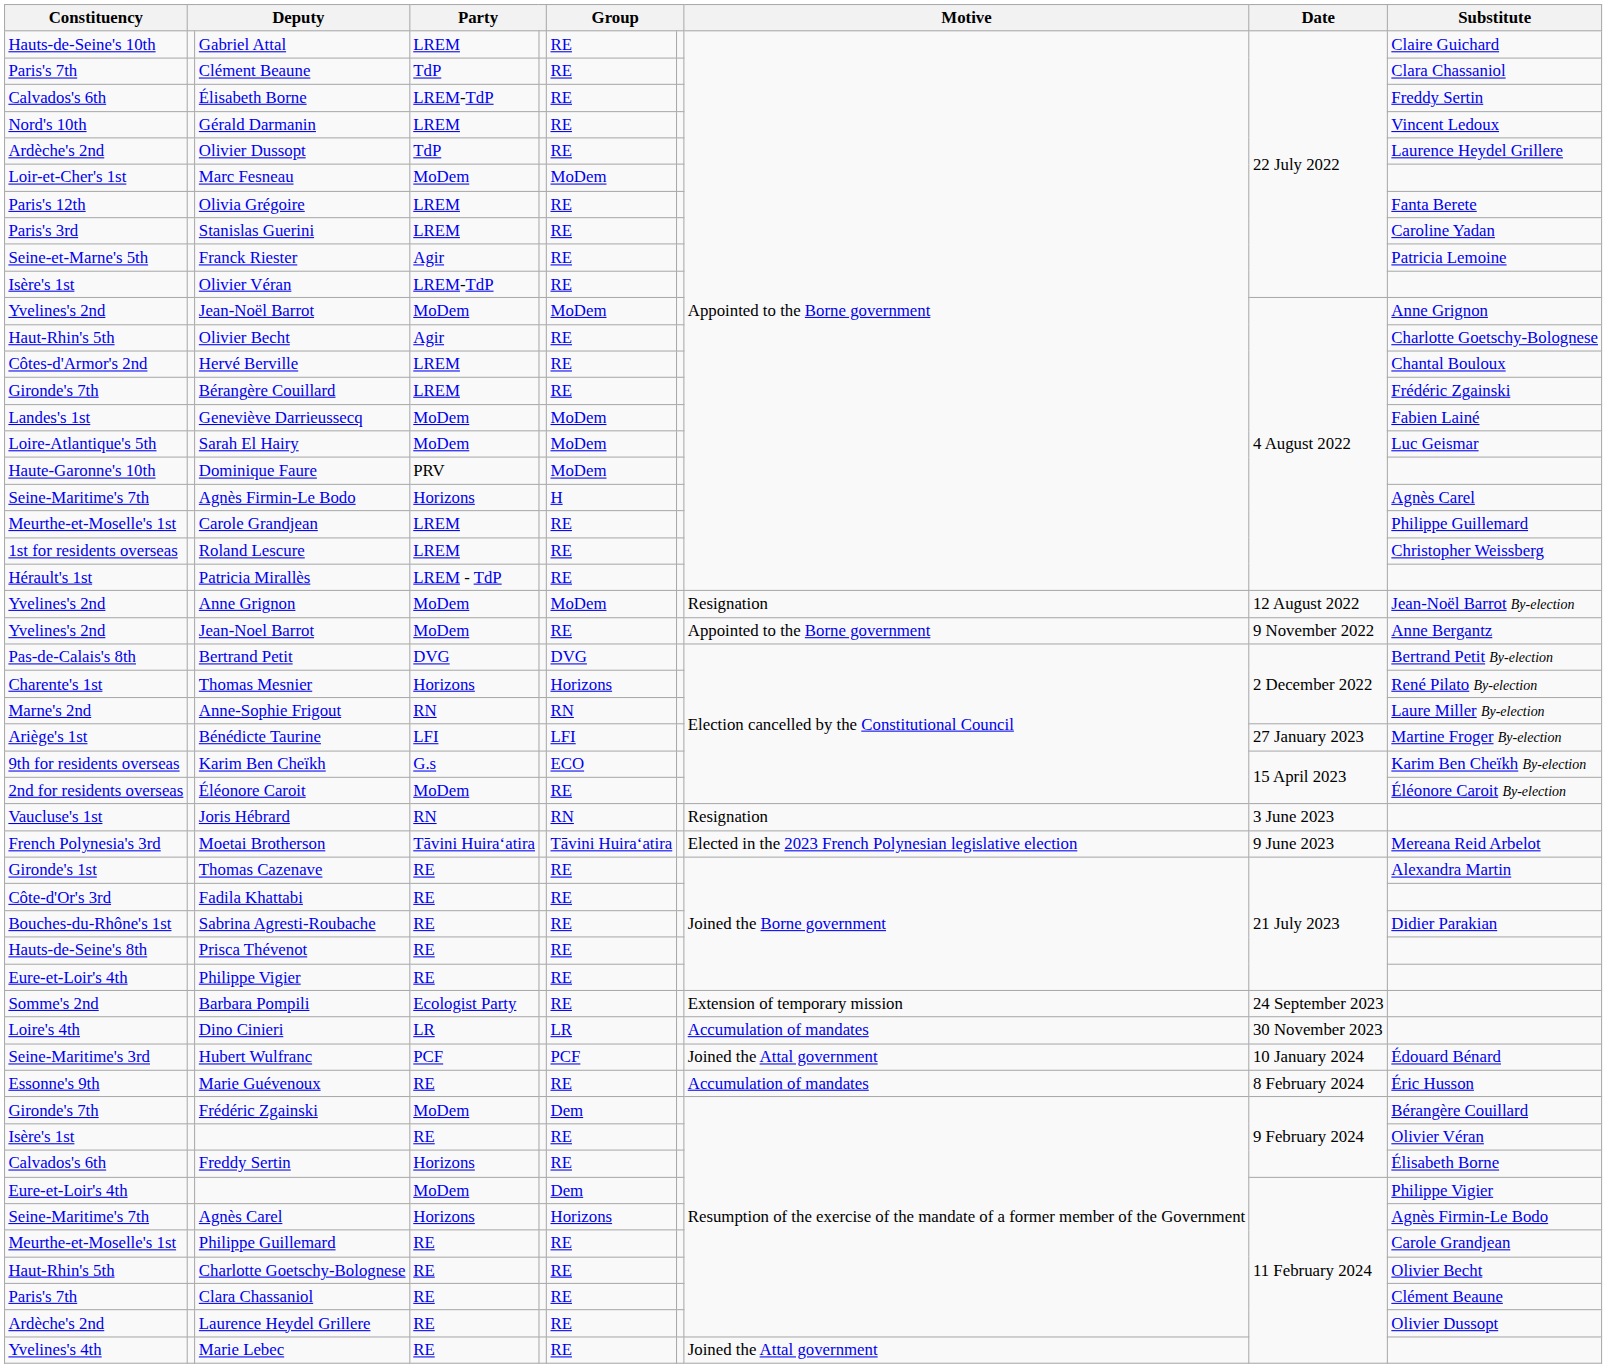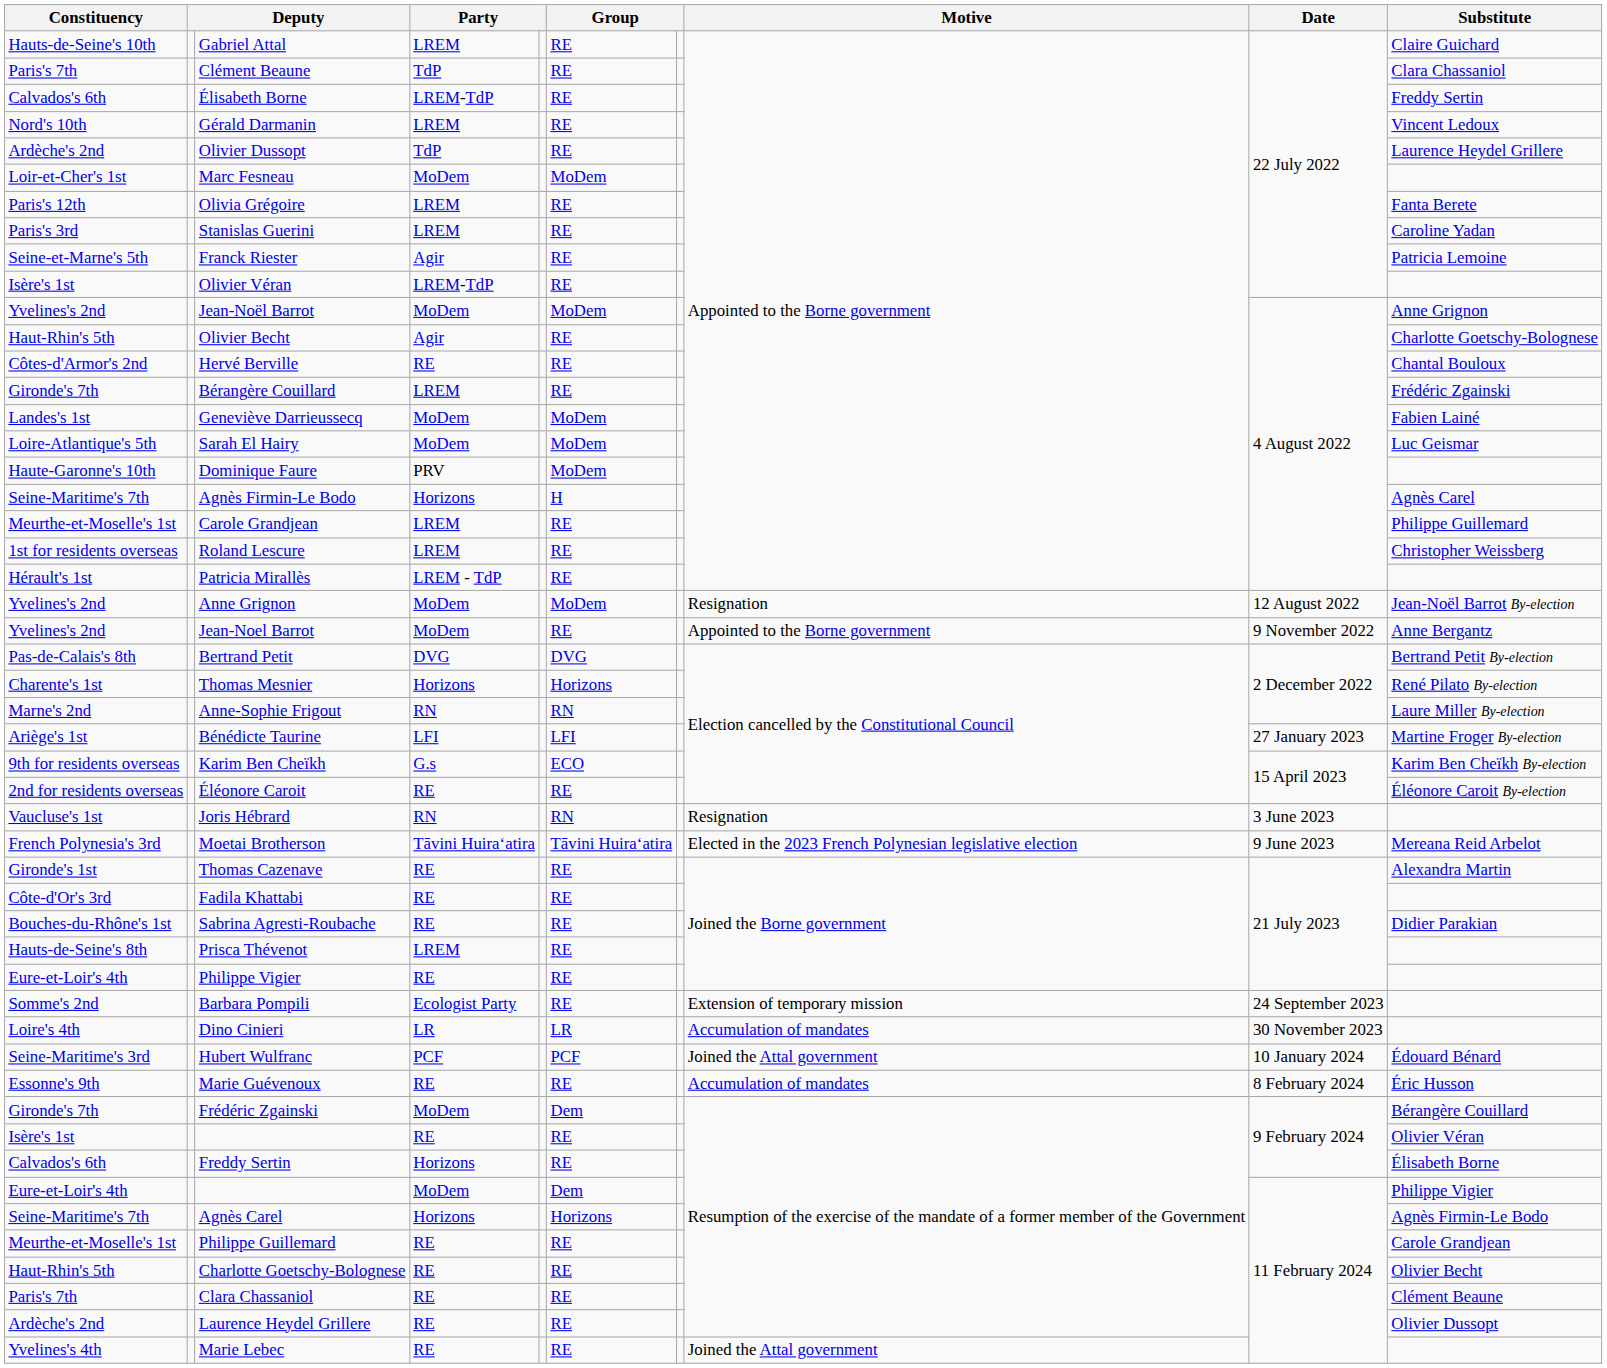 <table class="wikitable sortable">
 <tr>
 <th>Constituency</th>
 <th colspan="2">Deputy</th>
 <th colspan="2">Party</th>
 <th colspan="2">Group</th>
 <th>Motive</th>
 <th>Date</th>
 <th>Substitute</th>
 </tr>
 <tr>
 <td><a href='#'>Hauts-de-Seine's 10th</a></td>
 <td></td>
 <td><a href='#'>Gabriel Attal</a></td>
 <td><a href='#'>LREM</a></td>
 <td style="background: "></td>
 <td><a href='#'>RE</a></td>
 <td style="background: "></td>
 <td rowspan="21">Appointed to the <a href='#'>Borne government</a></td>
 <td rowspan="10">22 July 2022</td>
 <td><a href='#'>Claire Guichard</a></td>
 </tr>
 <tr>
 <td><a href='#'>Paris's 7th</a></td>
 <td></td>
 <td><a href='#'>Clément Beaune</a></td>
 <td><a href='#'>TdP</a></td>
 <td style="background: "></td>
 <td><a href='#'>RE</a></td>
 <td style="background: "></td>
 <td><a href='#'>Clara Chassaniol</a></td>
 </tr>
 <tr>
 <td><a href='#'>Calvados's 6th</a></td>
 <td></td>
 <td><a href='#'>Élisabeth Borne</a></td>
 <td><a href='#'>LREM</a>-<a href='#'>TdP</a></td>
 <td style="background: "></td>
 <td><a href='#'>RE</a></td>
 <td style="background: "></td>
 <td><a href='#'>Freddy Sertin</a></td>
 </tr>
 <tr>
 <td><a href='#'>Nord's 10th</a></td>
 <td></td>
 <td><a href='#'>Gérald Darmanin</a></td>
 <td><a href='#'>LREM</a></td>
 <td style="background: "></td>
 <td><a href='#'>RE</a></td>
 <td style="background: "></td>
 <td><a href='#'>Vincent Ledoux</a></td>
 </tr>
 <tr>
 <td><a href='#'>Ardèche's 2nd</a></td>
 <td></td>
 <td><a href='#'>Olivier Dussopt</a></td>
 <td><a href='#'>TdP</a></td>
 <td style="background: "></td>
 <td><a href='#'>RE</a></td>
 <td style="background: "></td>
 <td><a href='#'>Laurence Heydel Grillere</a></td>
 </tr>
 <tr>
 <td><a href='#'>Loir-et-Cher's 1st</a></td>
 <td></td>
 <td><a href='#'>Marc Fesneau</a></td>
 <td><a href='#'>MoDem</a></td>
 <td style="background: "></td>
 <td><a href='#'>MoDem</a></td>
 <td style="background: "></td>
 <td></td>
 </tr>
 <tr>
 <td><a href='#'>Paris's 12th</a></td>
 <td></td>
 <td><a href='#'>Olivia Grégoire</a></td>
 <td><a href='#'>LREM</a></td>
 <td style="background: "></td>
 <td><a href='#'>RE</a></td>
 <td style="background: "></td>
 <td><a href='#'>Fanta Berete</a></td>
 </tr>
 <tr>
 <td><a href='#'>Paris's 3rd</a></td>
 <td></td>
 <td><a href='#'>Stanislas Guerini</a></td>
 <td><a href='#'>LREM</a></td>
 <td style="background: "></td>
 <td><a href='#'>RE</a></td>
 <td style="background: "></td>
 <td><a href='#'>Caroline Yadan</a></td>
 </tr>
 <tr>
 <td><a href='#'>Seine-et-Marne's 5th</a></td>
 <td></td>
 <td><a href='#'>Franck Riester</a></td>
 <td><a href='#'>Agir</a></td>
 <td style="background: "></td>
 <td><a href='#'>RE</a></td>
 <td style="background: "></td>
 <td><a href='#'>Patricia Lemoine</a></td>
 </tr>
 <tr>
 <td><a href='#'>Isère's 1st</a></td>
 <td></td>
 <td><a href='#'>Olivier Véran</a></td>
 <td><a href='#'>LREM</a>-<a href='#'>TdP</a></td>
 <td style="background: "></td>
 <td><a href='#'>RE</a></td>
 <td style="background: "></td>
 <td></td>
 </tr>
 <tr>
 <td><a href='#'>Yvelines's 2nd</a></td>
 <td></td>
 <td><a href='#'>Jean-Noël Barrot</a></td>
 <td><a href='#'>MoDem</a></td>
 <td style="background: "></td>
 <td><a href='#'>MoDem</a></td>
 <td style="background: "></td>
 <td rowspan="11">4 August 2022</td>
 <td><a href='#'>Anne Grignon</a></td>
 </tr>
 <tr>
 <td><a href='#'>Haut-Rhin's 5th</a></td>
 <td></td>
 <td><a href='#'>Olivier Becht</a></td>
 <td><a href='#'>Agir</a></td>
 <td style="background: "></td>
 <td><a href='#'>RE</a></td>
 <td style="background: "></td>
 <td><a href='#'>Charlotte Goetschy-Bolognese</a></td>
 </tr>
 <tr>
 <td><a href='#'>Côtes-d'Armor's 2nd</a></td>
 <td></td>
 <td><a href='#'>Hervé Berville</a></td>
-<td><a href='#'>LREM</a></td>
+<td><a href='#'>RE</a></td>
 <td style="background: "></td>
 <td><a href='#'>RE</a></td>
 <td style="background: "></td>
 <td><a href='#'>Chantal Bouloux</a></td>
 </tr>
 <tr>
 <td><a href='#'>Gironde's 7th</a></td>
 <td></td>
 <td><a href='#'>Bérangère Couillard</a></td>
 <td><a href='#'>LREM</a></td>
 <td style="background: "></td>
 <td><a href='#'>RE</a></td>
 <td style="background: "></td>
 <td><a href='#'>Frédéric Zgainski</a></td>
 </tr>
 <tr>
 <td><a href='#'>Landes's 1st</a></td>
 <td></td>
 <td><a href='#'>Geneviève Darrieussecq</a></td>
 <td><a href='#'>MoDem</a></td>
 <td style="background: "></td>
 <td><a href='#'>MoDem</a></td>
 <td style="background: "></td>
 <td><a href='#'>Fabien Lainé</a></td>
 </tr>
 <tr>
 <td><a href='#'>Loire-Atlantique's 5th</a></td>
 <td></td>
 <td><a href='#'>Sarah El Hairy</a></td>
 <td><a href='#'>MoDem</a></td>
 <td style="background: "></td>
 <td><a href='#'>MoDem</a></td>
 <td style="background: "></td>
 <td><a href='#'>Luc Geismar</a></td>
 </tr>
 <tr>
 <td><a href='#'>Haute-Garonne's 10th</a></td>
 <td></td>
 <td><a href='#'>Dominique Faure</a></td>
 <td>PRV</td>
 <td style="background: "></td>
 <td><a href='#'>MoDem</a></td>
 <td style="background: "></td>
 <td></td>
 </tr>
 <tr>
 <td><a href='#'>Seine-Maritime's 7th</a></td>
 <td></td>
 <td><a href='#'>Agnès Firmin-Le Bodo</a></td>
 <td><a href='#'>Horizons</a></td>
 <td style="background: "></td>
 <td><a href='#'>H</a></td>
 <td style="background: "></td>
 <td><a href='#'>Agnès Carel</a></td>
 </tr>
 <tr>
 <td><a href='#'>Meurthe-et-Moselle's 1st</a></td>
 <td></td>
 <td><a href='#'>Carole Grandjean</a></td>
 <td><a href='#'>LREM</a></td>
 <td style="background: "></td>
 <td><a href='#'>RE</a></td>
 <td style="background: "></td>
 <td><a href='#'>Philippe Guillemard</a></td>
 </tr>
 <tr>
 <td><a href='#'>1st for residents overseas</a></td>
 <td></td>
 <td><a href='#'>Roland Lescure</a></td>
 <td><a href='#'>LREM</a></td>
 <td style="background: "></td>
 <td><a href='#'>RE</a></td>
 <td style="background: "></td>
 <td><a href='#'>Christopher Weissberg</a></td>
 </tr>
 <tr>
 <td><a href='#'>Hérault's 1st</a></td>
 <td></td>
 <td><a href='#'>Patricia Mirallès</a></td>
 <td><a href='#'>LREM</a> - <a href='#'>TdP</a></td>
 <td style="background: "></td>
 <td><a href='#'>RE</a></td>
 <td style="background: "></td>
 <td></td>
 </tr>
 <tr>
 <td><a href='#'>Yvelines's 2nd</a></td>
 <td></td>
 <td><a href='#'>Anne Grignon</a></td>
 <td><a href='#'>MoDem</a></td>
 <td style="background: "></td>
 <td><a href='#'>MoDem</a></td>
 <td style="background: "></td>
 <td>Resignation</td>
 <td>12 August 2022</td>
 <td><a href='#'>Jean-Noël Barrot</a> <small><em>By-election</em></small></td>
 </tr>
 <tr>
 <td><a href='#'>Yvelines's 2nd</a></td>
 <td></td>
 <td><a href='#'>Jean-Noel Barrot</a></td>
 <td><a href='#'>MoDem</a></td>
 <td style="background: "></td>
 <td><a href='#'>RE</a></td>
 <td style="background: "></td>
 <td>Appointed to the <a href='#'>Borne government</a></td>
 <td>9 November 2022</td>
 <td><a href='#'>Anne Bergantz</a></td>
 </tr>
 <tr>
 <td><a href='#'>Pas-de-Calais's 8th</a></td>
 <td></td>
 <td><a href='#'>Bertrand Petit</a></td>
 <td><a href='#'>DVG</a></td>
 <td style="background: "></td>
 <td><a href='#'>DVG</a></td>
 <td style="background: "></td>
 <td rowspan="6">Election cancelled by the <a href='#'>Constitutional Council</a></td>
 <td rowspan="3">2 December 2022</td>
 <td><a href='#'>Bertrand Petit</a> <small><em>By-election</em></small></td>
 </tr>
 <tr>
 <td><a href='#'>Charente's 1st</a></td>
 <td></td>
 <td><a href='#'>Thomas Mesnier</a></td>
 <td><a href='#'>Horizons</a></td>
 <td style="background: "></td>
 <td><a href='#'>Horizons</a></td>
 <td style="background: "></td>
 <td><a href='#'>René Pilato</a> <small><em>By-election</em></small></td>
 </tr>
 <tr>
 <td><a href='#'>Marne's 2nd</a></td>
 <td></td>
 <td><a href='#'>Anne-Sophie Frigout</a></td>
 <td><a href='#'>RN</a></td>
 <td style="background: "></td>
 <td><a href='#'>RN</a></td>
 <td style="background: "></td>
 <td><a href='#'>Laure Miller</a> <small><em>By-election</em></small></td>
 </tr>
 <tr>
 <td><a href='#'>Ariège's 1st</a></td>
 <td></td>
 <td><a href='#'>Bénédicte Taurine</a></td>
 <td><a href='#'>LFI</a></td>
 <td style="background: "></td>
 <td><a href='#'>LFI</a></td>
 <td style="background: "></td>
 <td>27 January 2023</td>
 <td><a href='#'>Martine Froger</a> <small><em>By-election</em></small></td>
 </tr>
 <tr>
 <td><a href='#'>9th for residents overseas</a></td>
 <td></td>
 <td><a href='#'>Karim Ben Cheïkh</a></td>
 <td><a href='#'>G.s</a></td>
 <td style="background: "></td>
 <td><a href='#'>ECO</a></td>
 <td style="background: "></td>
 <td rowspan="2">15 April 2023</td>
 <td><a href='#'>Karim Ben Cheïkh</a> <small><em>By-election</em></small></td>
 </tr>
 <tr>
 <td><a href='#'>2nd for residents overseas</a></td>
 <td></td>
 <td><a href='#'>Éléonore Caroit</a></td>
-<td><a href='#'>MoDem</a></td>
+<td><a href='#'>RE</a></td>
 <td style="background: "></td>
 <td><a href='#'>RE</a></td>
 <td style="background: "></td>
 <td><a href='#'>Éléonore Caroit</a> <small><em>By-election</em></small></td>
 </tr>
 <tr>
 <td><a href='#'>Vaucluse's 1st</a></td>
 <td></td>
 <td><a href='#'>Joris Hébrard</a></td>
 <td><a href='#'>RN</a></td>
 <td style="background: "></td>
 <td><a href='#'>RN</a></td>
 <td style="background: "></td>
 <td>Resignation</td>
 <td>3 June 2023</td>
 <td></td>
 </tr>
 <tr>
 <td><a href='#'>French Polynesia's 3rd</a></td>
 <td></td>
 <td><a href='#'>Moetai Brotherson</a></td>
 <td><a href='#'>Tāvini Huiraʻatira</a></td>
 <td></td>
 <td><a href='#'>Tāvini Huiraʻatira</a></td>
 <td></td>
 <td>Elected in the <a href='#'>2023 French Polynesian legislative election</a></td>
 <td>9 June 2023</td>
 <td><a href='#'>Mereana Reid Arbelot</a></td>
 </tr>
 <tr>
 <td><a href='#'>Gironde's 1st</a></td>
 <td></td>
 <td><a href='#'>Thomas Cazenave</a></td>
 <td><a href='#'>RE</a></td>
 <td style="background: "></td>
 <td><a href='#'>RE</a></td>
 <td style="background: "></td>
 <td rowspan="5">Joined the <a href='#'>Borne government</a></td>
 <td rowspan="5">21 July 2023</td>
 <td><a href='#'>Alexandra Martin</a></td>
 </tr>
 <tr>
 <td><a href='#'>Côte-d'Or's 3rd</a></td>
 <td></td>
 <td><a href='#'>Fadila Khattabi</a></td>
 <td><a href='#'>RE</a></td>
 <td style="background: "></td>
 <td><a href='#'>RE</a></td>
 <td style="background: "></td>
 <td></td>
 </tr>
 <tr>
 <td><a href='#'>Bouches-du-Rhône's 1st</a></td>
 <td></td>
 <td><a href='#'>Sabrina Agresti-Roubache</a></td>
 <td><a href='#'>RE</a></td>
 <td style="background: "></td>
 <td><a href='#'>RE</a></td>
 <td style="background: "></td>
 <td><a href='#'>Didier Parakian</a></td>
 </tr>
 <tr>
 <td><a href='#'>Hauts-de-Seine's 8th</a></td>
 <td></td>
 <td><a href='#'>Prisca Thévenot</a></td>
-<td><a href='#'>RE</a></td>
+<td><a href='#'>LREM</a></td>
 <td style="background: "></td>
 <td><a href='#'>RE</a></td>
 <td style="background: "></td>
 <td></td>
 </tr>
 <tr>
 <td><a href='#'>Eure-et-Loir's 4th</a></td>
 <td></td>
 <td><a href='#'>Philippe Vigier</a></td>
 <td><a href='#'>RE</a></td>
 <td style="background: "></td>
 <td><a href='#'>RE</a></td>
 <td style="background: "></td>
 <td></td>
 </tr>
 <tr>
 <td><a href='#'>Somme's 2nd</a></td>
 <td></td>
 <td><a href='#'>Barbara Pompili</a></td>
 <td><a href='#'>Ecologist Party</a></td>
 <td style="background: "></td>
 <td><a href='#'>RE</a></td>
 <td style="background: "></td>
 <td>Extension of temporary mission</td>
 <td>24 September 2023</td>
 <td></td>
 </tr>
 <tr>
 <td><a href='#'>Loire's 4th</a></td>
 <td></td>
 <td><a href='#'>Dino Cinieri</a></td>
 <td><a href='#'>LR</a></td>
 <td style="background: "></td>
 <td><a href='#'>LR</a></td>
 <td style="background: "></td>
 <td><a href='#'>Accumulation of mandates</a></td>
 <td>30 November 2023</td>
 <td></td>
 </tr>
 <tr>
 <td><a href='#'>Seine-Maritime's 3rd</a></td>
 <td></td>
 <td><a href='#'>Hubert Wulfranc</a></td>
 <td><a href='#'>PCF</a></td>
 <td style="background: "></td>
 <td><a href='#'>PCF</a></td>
 <td style="background: "></td>
 <td>Joined the <a href='#'>Attal government</a></td>
 <td>10 January 2024</td>
 <td><a href='#'>Édouard Bénard</a></td>
 </tr>
 <tr>
 <td><a href='#'>Essonne's 9th</a></td>
 <td></td>
 <td><a href='#'>Marie Guévenoux</a></td>
 <td><a href='#'>RE</a></td>
 <td style="background: "></td>
 <td><a href='#'>RE</a></td>
 <td style="background: "></td>
 <td><a href='#'>Accumulation of mandates</a></td>
 <td>8 February 2024</td>
 <td><a href='#'>Éric Husson</a></td>
 </tr>
 <tr>
 <td><a href='#'>Gironde's 7th</a></td>
 <td></td>
 <td><a href='#'>Frédéric Zgainski</a></td>
 <td><a href='#'>MoDem</a></td>
 <td style="background: "></td>
 <td><a href='#'>Dem</a></td>
 <td style="background: "></td>
 <td rowspan="9">Resumption of the exercise of the mandate of a former member of the Government</td>
 <td rowspan="3">9 February 2024</td>
 <td><a href='#'>Bérangère Couillard</a></td>
 </tr>
 <tr>
 <td><a href='#'>Isère's 1st</a></td>
 <td></td>
 <td></td>
 <td><a href='#'>RE</a></td>
 <td style="background: "></td>
 <td><a href='#'>RE</a></td>
 <td style="background: "></td>
 <td><a href='#'>Olivier Véran</a></td>
 </tr>
 <tr>
 <td><a href='#'>Calvados's 6th</a></td>
 <td></td>
 <td><a href='#'>Freddy Sertin</a></td>
 <td><a href='#'>Horizons</a></td>
 <td style="background: "></td>
 <td><a href='#'>RE</a></td>
 <td style="background: "></td>
 <td><a href='#'>Élisabeth Borne</a></td>
 </tr>
 <tr>
 <td><a href='#'>Eure-et-Loir's 4th</a></td>
 <td></td>
 <td></td>
 <td><a href='#'>MoDem</a></td>
 <td style="background: "></td>
 <td><a href='#'>Dem</a></td>
 <td style="background: "></td>
 <td rowspan="7">11 February 2024</td>
 <td><a href='#'>Philippe Vigier</a></td>
 </tr>
 <tr>
 <td><a href='#'>Seine-Maritime's 7th</a></td>
 <td></td>
 <td><a href='#'>Agnès Carel</a></td>
 <td><a href='#'>Horizons</a></td>
 <td style="background: "></td>
 <td><a href='#'>Horizons</a></td>
 <td style="background: "></td>
 <td><a href='#'>Agnès Firmin-Le Bodo</a></td>
 </tr>
 <tr>
 <td><a href='#'>Meurthe-et-Moselle's 1st</a></td>
 <td></td>
 <td><a href='#'>Philippe Guillemard</a></td>
 <td><a href='#'>RE</a></td>
 <td style="background: "></td>
 <td><a href='#'>RE</a></td>
 <td style="background: "></td>
 <td><a href='#'>Carole Grandjean</a></td>
 </tr>
 <tr>
 <td><a href='#'>Haut-Rhin's 5th</a></td>
 <td></td>
 <td><a href='#'>Charlotte Goetschy-Bolognese</a></td>
 <td><a href='#'>RE</a></td>
 <td style="background: "></td>
 <td><a href='#'>RE</a></td>
 <td style="background: "></td>
 <td><a href='#'>Olivier Becht</a></td>
 </tr>
 <tr>
 <td><a href='#'>Paris's 7th</a></td>
 <td></td>
 <td><a href='#'>Clara Chassaniol</a></td>
 <td><a href='#'>RE</a></td>
 <td style="background: "></td>
 <td><a href='#'>RE</a></td>
 <td style="background: "></td>
 <td><a href='#'>Clément Beaune</a></td>
 </tr>
 <tr>
 <td><a href='#'>Ardèche's 2nd</a></td>
 <td></td>
 <td><a href='#'>Laurence Heydel Grillere</a></td>
 <td><a href='#'>RE</a></td>
 <td style="background: "></td>
 <td><a href='#'>RE</a></td>
 <td style="background: "></td>
 <td><a href='#'>Olivier Dussopt</a></td>
 </tr>
 <tr>
 <td><a href='#'>Yvelines's 4th</a></td>
 <td></td>
 <td><a href='#'>Marie Lebec</a></td>
 <td><a href='#'>RE</a></td>
 <td style="background: "></td>
 <td><a href='#'>RE</a></td>
 <td style="background: "></td>
 <td>Joined the <a href='#'>Attal government</a></td>
 <td></td>
 </tr>
 </table>
